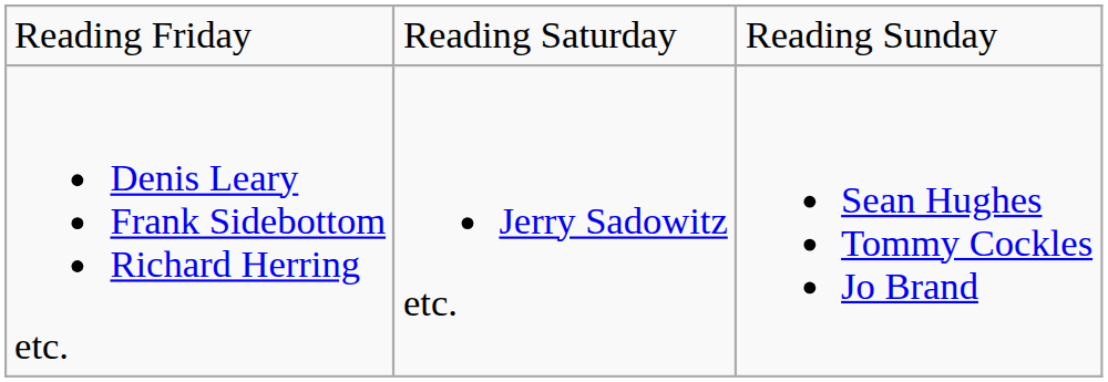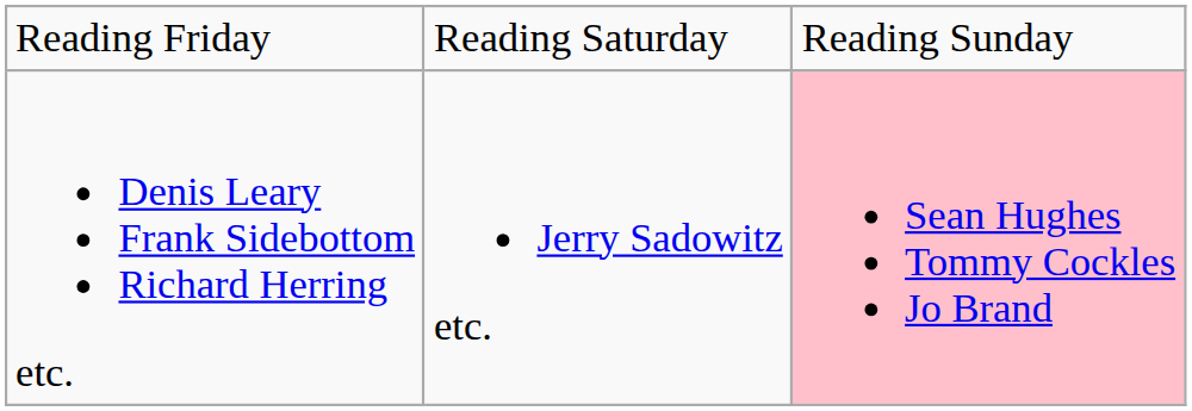 <table class="wikitable">
 <tr>
 <td>Reading Friday</td>
 <td>Reading Saturday</td>
 <td>Reading Sunday</td>
 </tr>
 <tr>
 <td><br><ul><li><a href='#'>Denis Leary</a></li><li><a href='#'>Frank Sidebottom</a></li><li><a href='#'>Richard Herring</a></li></ul>etc.</td>
 <td><br><ul><li><a href='#'>Jerry Sadowitz</a></li></ul>etc.</td>
-<td><br><ul><li><a href='#'>Sean Hughes</a></li><li><a href='#'>Tommy Cockles</a></li><li><a href='#'>Jo Brand</a></li></ul></td>
+<td style="background: pink;"><br><ul><li><a href='#'>Sean Hughes</a></li><li><a href='#'>Tommy Cockles</a></li><li><a href='#'>Jo Brand</a></li></ul></td>
 </tr>
 </table>
